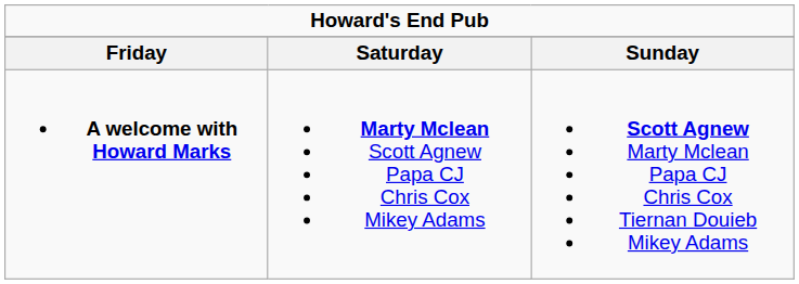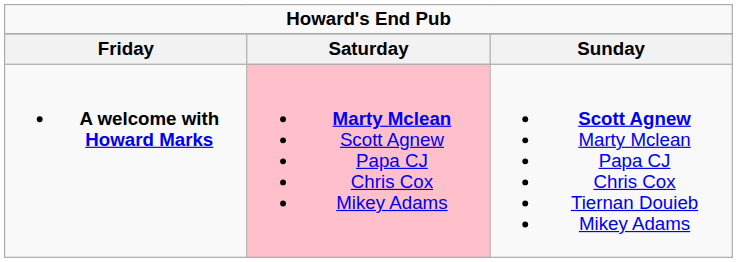 <table class="wikitable">
 <tr>
 <td colspan="3" align="center"><strong>Howard's End Pub</strong></td>
 </tr>
 <tr !>
 </tr>
 <tr !>
 </tr>
 <tr !>
 <th>Friday</th>
 <th>Saturday</th>
 <th>Sunday</th>
 </tr>
 <tr>
 <td valign="top" align="center" width=200><br><ul><li><strong>A welcome with <a href='#'>Howard Marks</a></strong></li></ul></td>
-<td valign="top" align="center" width=200><br><ul><li><strong><a href='#'>Marty Mclean</a></strong></li><li><a href='#'>Scott Agnew</a></li><li><a href='#'>Papa CJ</a></li><li><a href='#'>Chris Cox</a></li><li><a href='#'>Mikey Adams</a></li></ul></td>
+<td valign="top" align="center" width=200 style="background: pink;"><br><ul><li><strong><a href='#'>Marty Mclean</a></strong></li><li><a href='#'>Scott Agnew</a></li><li><a href='#'>Papa CJ</a></li><li><a href='#'>Chris Cox</a></li><li><a href='#'>Mikey Adams</a></li></ul></td>
 <td valign="top" align="center" width=200><br><ul><li><strong><a href='#'>Scott Agnew</a></strong></li><li><a href='#'>Marty Mclean</a></li><li><a href='#'>Papa CJ</a></li><li><a href='#'>Chris Cox</a></li><li><a href='#'>Tiernan Douieb</a></li><li><a href='#'>Mikey Adams</a></li></ul></td>
 </tr>
 </table>
